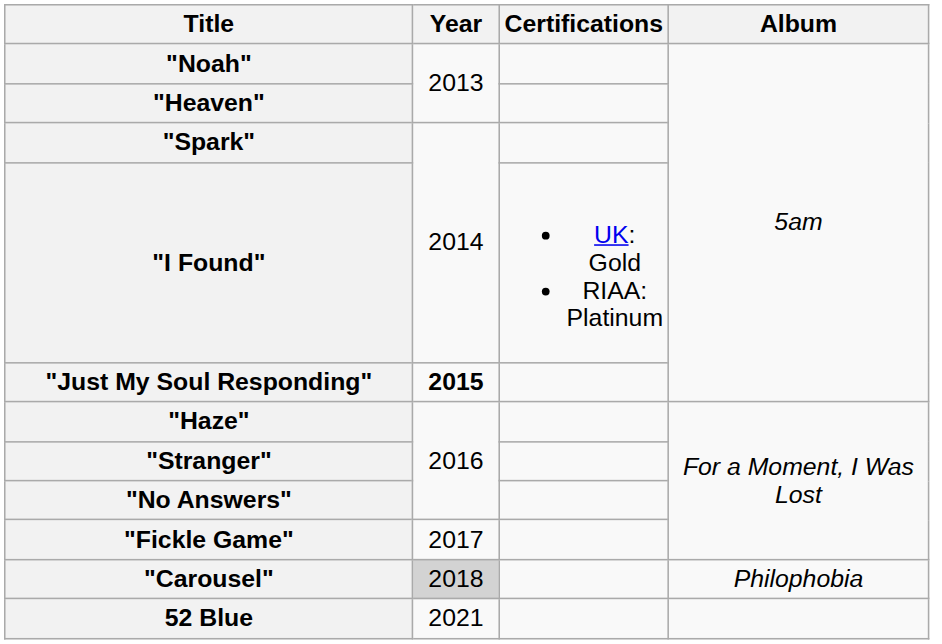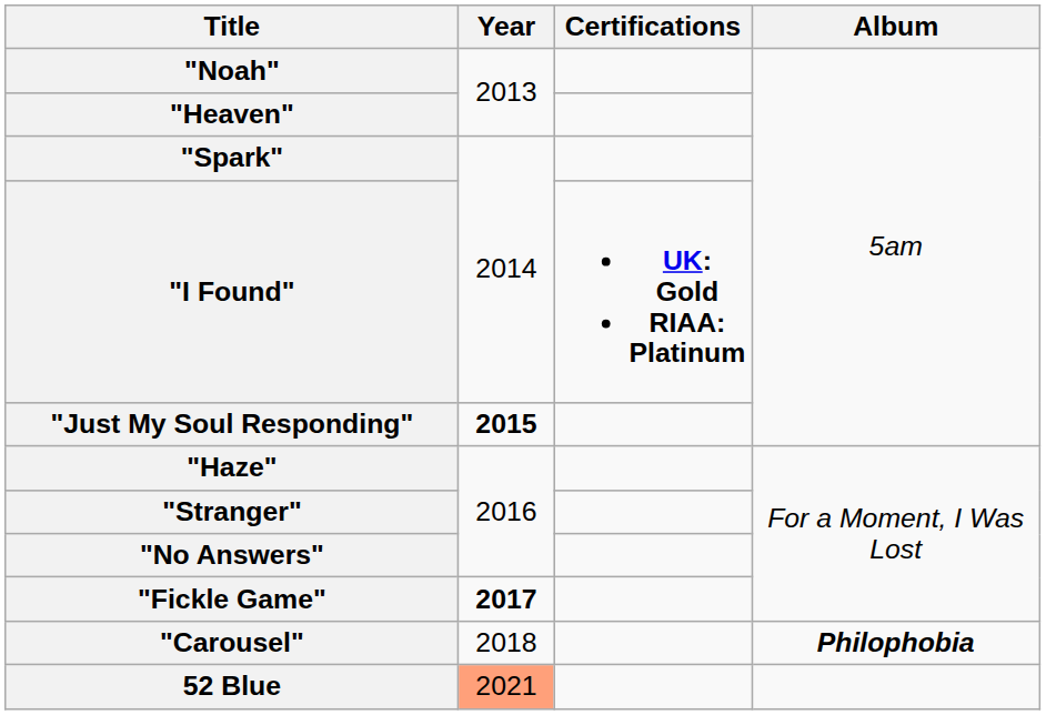 <table class="wikitable plainrowheaders" style="text-align:center;">
 <tr>
 <th scope="col" style="width:16em;">Title</th>
 <th scope="col" style="width:3em;">Year</th>
 <th scope="col" style="width:3em;">Certifications</th>
 <th scope="col" style="width:10em;">Album</th>
 </tr>
 <tr>
 <th scope="row">"Noah"</th>
 <td rowspan="2">2013</td>
 <td></td>
 <td rowspan="5"><em>5am</em></td>
 </tr>
 <tr>
 <th scope="row">"Heaven"</th>
 <td></td>
 </tr>
 <tr>
 <th scope="row">"Spark"</th>
 <td rowspan="2">2014</td>
 <td></td>
 </tr>
 <tr>
 <th scope="row">"I Found"</th>
-<td><br><ul><li><a href='#'>UK</a>: Gold</li><li>RIAA: Platinum</li></ul></td>
+<td><strong><br><ul><li><a href='#'>UK</a>: Gold</li><li>RIAA: Platinum</li></ul></strong></td>
 </tr>
 <tr>
 <th scope="row">"Just My Soul Responding"</th>
 <td><strong>2015</strong></td>
 <td></td>
 </tr>
 <tr>
 <th scope="row">"Haze"</th>
 <td rowspan="3">2016</td>
 <td></td>
 <td rowspan="4"><em>For a Moment, I Was Lost</em></td>
 </tr>
 <tr>
 <th scope="row">"Stranger"</th>
 <td></td>
 </tr>
 <tr>
 <th scope="row">"No Answers"</th>
 <td></td>
 </tr>
 <tr>
 <th scope="row">"Fickle Game"</th>
-<td>2017</td>
+<td><strong>2017</strong></td>
 <td></td>
 </tr>
 <tr>
 <th scope="row">"Carousel"</th>
-<td rowspan="1" style="background: lightgrey;">2018</td>
+<td rowspan="1">2018</td>
 <td></td>
-<td rowspan="1"><em>Philophobia</em></td>
+<td rowspan="1"><strong><em>Philophobia</em></strong></td>
 </tr>
 <tr>
 <th scope="row">52 Blue</th>
-<td>2021</td>
+<td style="background: lightsalmon;">2021</td>
 <td></td>
 <td></td>
 </tr>
 </table>
